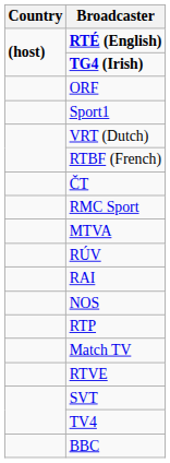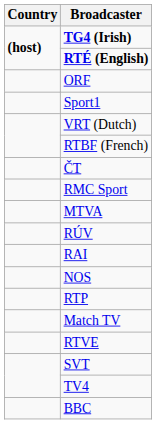 <table class="wikitable">
 <tr>
 <th>Country</th>
 <th>Broadcaster</th>
 </tr>
 <tr>
 <td rowspan="2"><strong> (host)</strong></td>
-<td><strong><a href='#'>RTÉ</a> (English)</strong></td>
+<td><strong><a href='#'>TG4</a> (Irish)</strong></td>
 </tr>
 <tr>
-<td><strong><a href='#'>TG4</a> (Irish)</strong></td>
+<td><strong><a href='#'>RTÉ</a> (English)</strong></td>
 </tr>
 <tr>
 <td rowspan="2"></td>
 <td><a href='#'>ORF</a></td>
 </tr>
 <tr>
 <td rowspan="2"><a href='#'>Sport1</a><br></td>
 </tr>
 <tr>
 <td></td>
 </tr>
 <tr>
 <td rowspan="2"></td>
 <td><a href='#'>VRT</a> (Dutch)</td>
 </tr>
 <tr>
 <td><a href='#'>RTBF</a> (French)</td>
 </tr>
 <tr>
 <td></td>
 <td><a href='#'>ČT</a></td>
 </tr>
 <tr>
 <td></td>
 <td><a href='#'>RMC Sport</a></td>
 </tr>
 <tr>
 <td></td>
 <td><a href='#'>MTVA</a></td>
 </tr>
 <tr>
 <td></td>
 <td><a href='#'>RÚV</a></td>
 </tr>
 <tr>
 <td></td>
 <td><a href='#'>RAI</a></td>
 </tr>
 <tr>
 <td></td>
 <td><a href='#'>NOS</a></td>
 </tr>
 <tr>
 <td></td>
 <td><a href='#'>RTP</a></td>
 </tr>
 <tr>
 <td></td>
 <td><a href='#'>Match TV</a></td>
 </tr>
 <tr>
 <td></td>
 <td><a href='#'>RTVE</a></td>
 </tr>
 <tr>
 <td rowspan="2"></td>
 <td><a href='#'>SVT</a></td>
 </tr>
 <tr>
 <td><a href='#'>TV4</a></td>
 </tr>
 <tr>
 <td></td>
 <td><a href='#'>BBC</a></td>
 </tr>
 </table>
